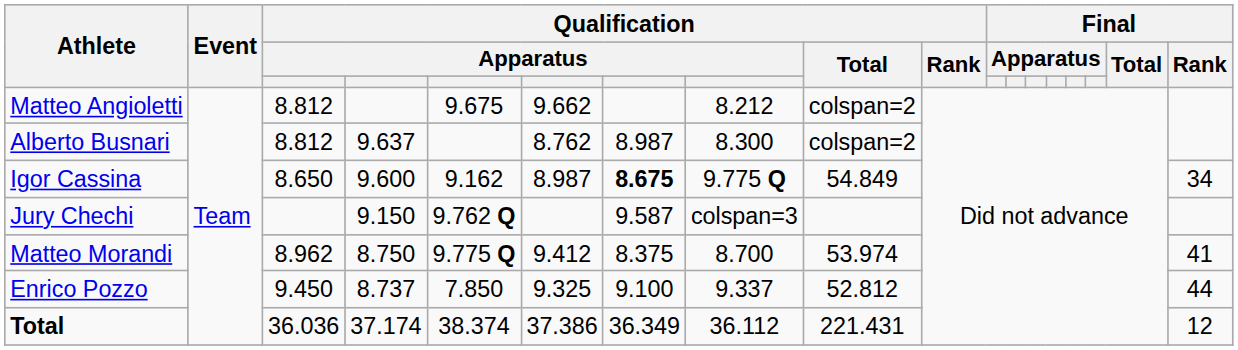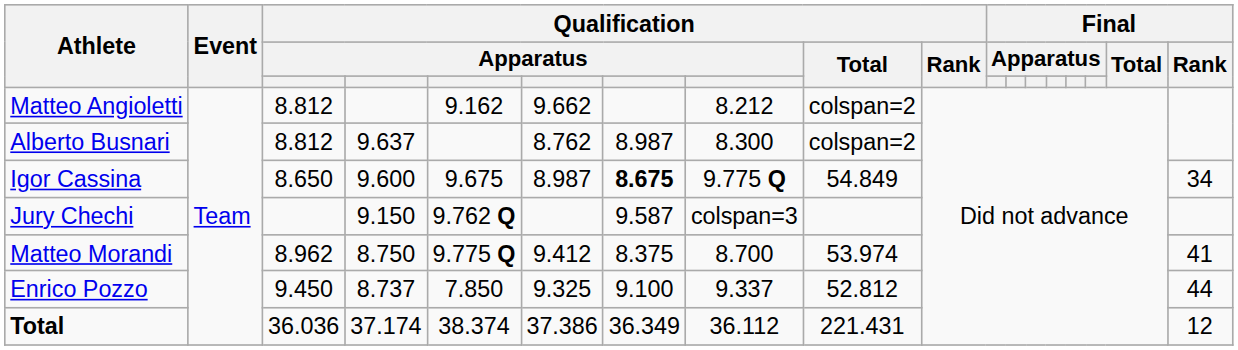 <table class="wikitable" style="font-size:90%">
 <tr>
 <th rowspan=3>Athlete</th>
 <th rowspan=3>Event</th>
 <th colspan =8>Qualification</th>
 <th colspan =8>Final</th>
 </tr>
 <tr style="font-size:95%">
 <th colspan=6>Apparatus</th>
 <th rowspan=2>Total</th>
 <th rowspan=2>Rank</th>
 <th colspan=6>Apparatus</th>
 <th rowspan=2>Total</th>
 <th rowspan=2>Rank</th>
 </tr>
 <tr style="font-size:95%">
 <th></th>
 <th></th>
 <th></th>
 <th></th>
 <th></th>
 <th></th>
 <th></th>
 <th></th>
 <th></th>
 <th></th>
 <th></th>
 <th></th>
 </tr>
 <tr align=center>
 <td align=left><a href='#'>Matteo Angioletti</a></td>
 <td align=left rowspan=7><a href='#'>Team</a></td>
 <td>8.812</td>
 <td></td>
-<td>9.675</td>
+<td>9.162</td>
 <td>9.662</td>
 <td></td>
 <td>8.212</td>
 <td>colspan=2 </td>
 <td colspan=8 rowspan=7>Did not advance</td>
 </tr>
 <tr align=center>
 <td align=left><a href='#'>Alberto Busnari</a></td>
 <td>8.812</td>
 <td>9.637</td>
 <td></td>
 <td>8.762</td>
 <td>8.987</td>
 <td>8.300</td>
 <td>colspan=2 </td>
 </tr>
 <tr align=center>
 <td align=left><a href='#'>Igor Cassina</a></td>
 <td>8.650</td>
 <td>9.600</td>
-<td>9.162</td>
+<td>9.675</td>
 <td>8.987</td>
 <td><strong>8.675</strong></td>
 <td>9.775 <strong>Q</strong></td>
 <td>54.849</td>
 <td>34</td>
 </tr>
 <tr align=center>
 <td align=left><a href='#'>Jury Chechi</a></td>
 <td></td>
 <td>9.150</td>
 <td>9.762 <strong>Q</strong></td>
 <td></td>
 <td>9.587</td>
 <td>colspan=3 </td>
 </tr>
 <tr align=center>
 <td align=left><a href='#'>Matteo Morandi</a></td>
 <td>8.962</td>
 <td>8.750</td>
 <td>9.775 <strong>Q</strong></td>
 <td>9.412</td>
 <td>8.375</td>
 <td>8.700</td>
 <td>53.974</td>
 <td>41</td>
 </tr>
 <tr align=center>
 <td align=left><a href='#'>Enrico Pozzo</a></td>
 <td>9.450</td>
 <td>8.737</td>
 <td>7.850</td>
 <td>9.325</td>
 <td>9.100</td>
 <td>9.337</td>
 <td>52.812</td>
 <td>44</td>
 </tr>
 <tr align=center>
 <td align=left><strong>Total</strong></td>
 <td>36.036</td>
 <td>37.174</td>
 <td>38.374</td>
 <td>37.386</td>
 <td>36.349</td>
 <td>36.112</td>
 <td>221.431</td>
 <td>12</td>
 </tr>
 </table>
